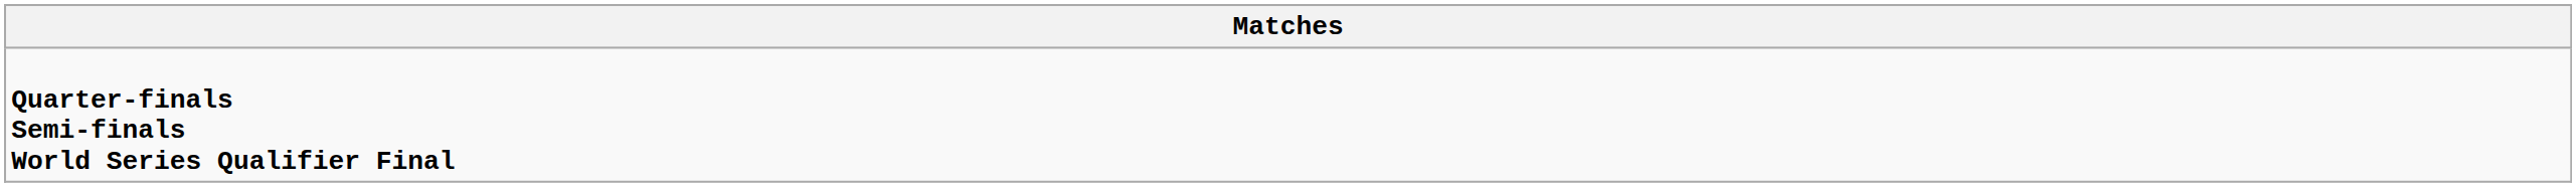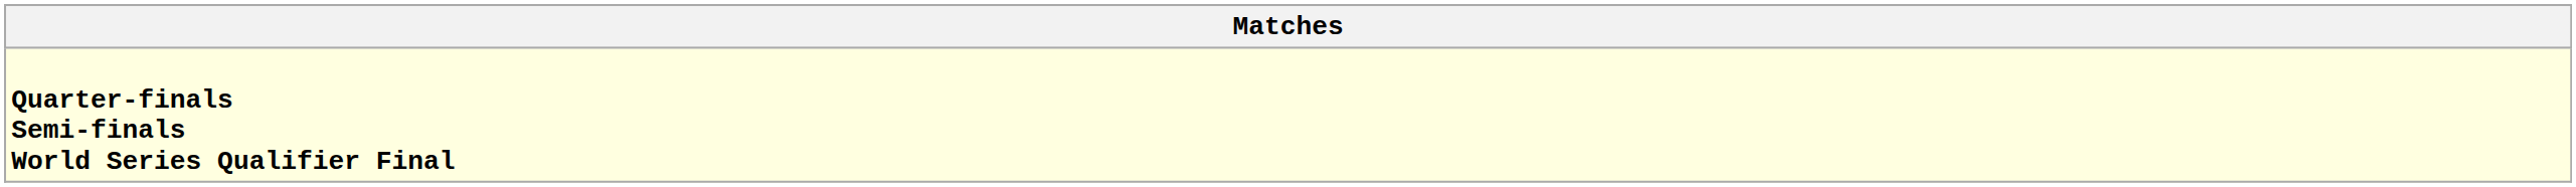 <table class="wikitable collapsible collapsed" style="width:100%;">
 <tr>
 <th>Matches</th>
 </tr>
 <tr>
-<td><br><strong>Quarter-finals</strong>    <br><strong>Semi-finals</strong>  <br><strong>World Series Qualifier Final</strong> </td>
+<td style="background: lightyellow;"><br><strong>Quarter-finals</strong>    <br><strong>Semi-finals</strong>  <br><strong>World Series Qualifier Final</strong> </td>
 </tr>
 </table>
